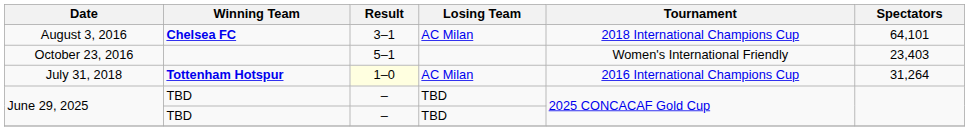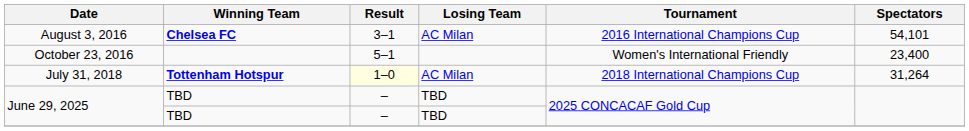 <table class="wikitable" style="text-align:left; width:95%;" style="text-align:center">
 <tr>
 <th style="text-align:center; ">Date</th>
 <th style="text-align:center; ">Winning Team</th>
 <th style="text-align:center; ">Result</th>
 <th style="text-align:center; ">Losing Team</th>
 <th style="text-align:center; ">Tournament</th>
 <th style="text-align:center; ">Spectators</th>
 </tr>
 <tr>
 <td style="text-align:center;">August 3, 2016</td>
 <td><strong> <a href='#'>Chelsea FC</a></strong></td>
 <td style="text-align:center;">3–1</td>
 <td> <a href='#'>AC Milan</a></td>
-<td style="text-align:center;"><a href='#'>2018 International Champions Cup</a></td>
-<td style="text-align:center;">64,101</td>
+<td style="text-align:center;"><a href='#'>2016 International Champions Cup</a></td>
+<td style="text-align:center;">54,101</td>
 </tr>
 <tr>
 <td style="text-align:center;">October 23, 2016</td>
 <td><strong></strong></td>
 <td style="text-align:center;">5–1</td>
 <td></td>
 <td style="text-align:center;">Women's International Friendly</td>
-<td style="text-align:center;">23,403</td>
+<td style="text-align:center;">23,400</td>
 </tr>
 <tr>
 <td style="text-align:center;">July 31, 2018</td>
 <td><strong> <a href='#'>Tottenham Hotspur</a></strong></td>
 <td style="background: lightyellow; text-align:center;">1–0</td>
 <td> <a href='#'>AC Milan</a></td>
-<td style="text-align:center;"><a href='#'>2016 International Champions Cup</a></td>
+<td style="text-align:center;"><a href='#'>2018 International Champions Cup</a></td>
 <td style="text-align:center;">31,264</td>
 </tr>
 <tr>
 <td rowspan="2">June 29, 2025</td>
 <td>TBD</td>
 <td style="text-align:center;">–</td>
 <td>TBD</td>
 <td rowspan="2"><a href='#'>2025 CONCACAF Gold Cup</a></td>
 <td rowspan="2"></td>
 </tr>
 <tr>
 <td>TBD</td>
 <td style="text-align:center;">–</td>
 <td>TBD</td>
 </tr>
 <tr>
 </tr>
 </table>
